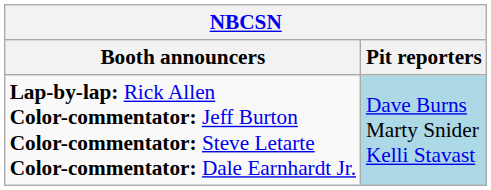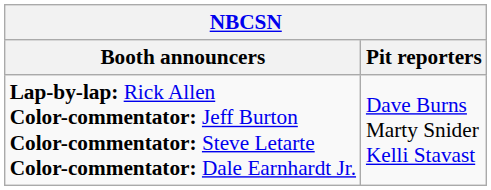 <table class="wikitable" style="font-size: 95%;">
 <tr>
 <th colspan="2"><a href='#'>NBCSN</a></th>
 </tr>
 <tr>
 <th>Booth announcers</th>
 <th>Pit reporters</th>
 </tr>
 <tr>
 <td><strong>Lap-by-lap:</strong> <a href='#'>Rick Allen</a><br><strong>Color-commentator:</strong> <a href='#'>Jeff Burton</a><br><strong>Color-commentator:</strong> <a href='#'>Steve Letarte</a><br><strong>Color-commentator:</strong> <a href='#'>Dale Earnhardt Jr.</a></td>
-<td style="background: lightblue;"><a href='#'>Dave Burns</a><br>Marty Snider<br><a href='#'>Kelli Stavast</a></td>
+<td><a href='#'>Dave Burns</a><br>Marty Snider<br><a href='#'>Kelli Stavast</a></td>
 </tr>
 </table>
